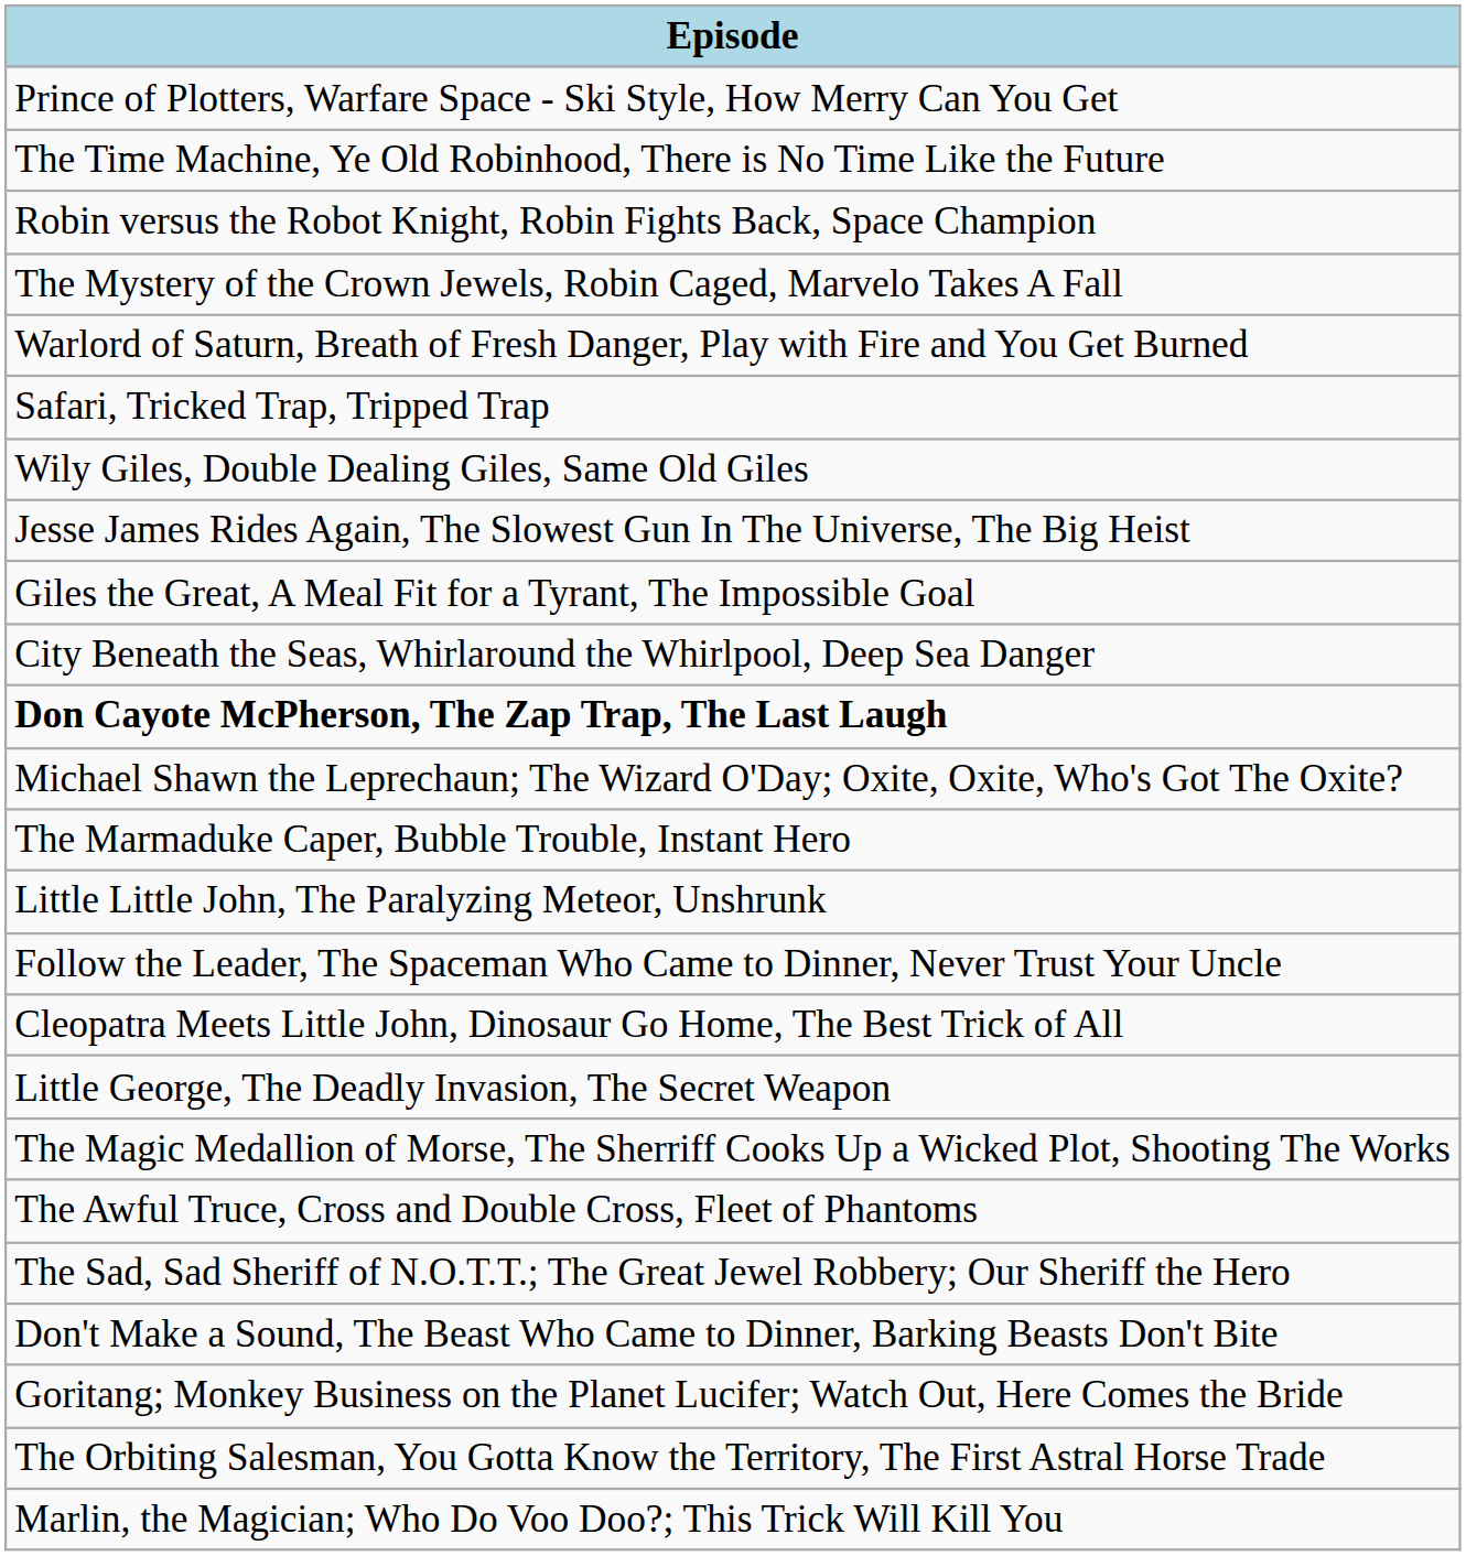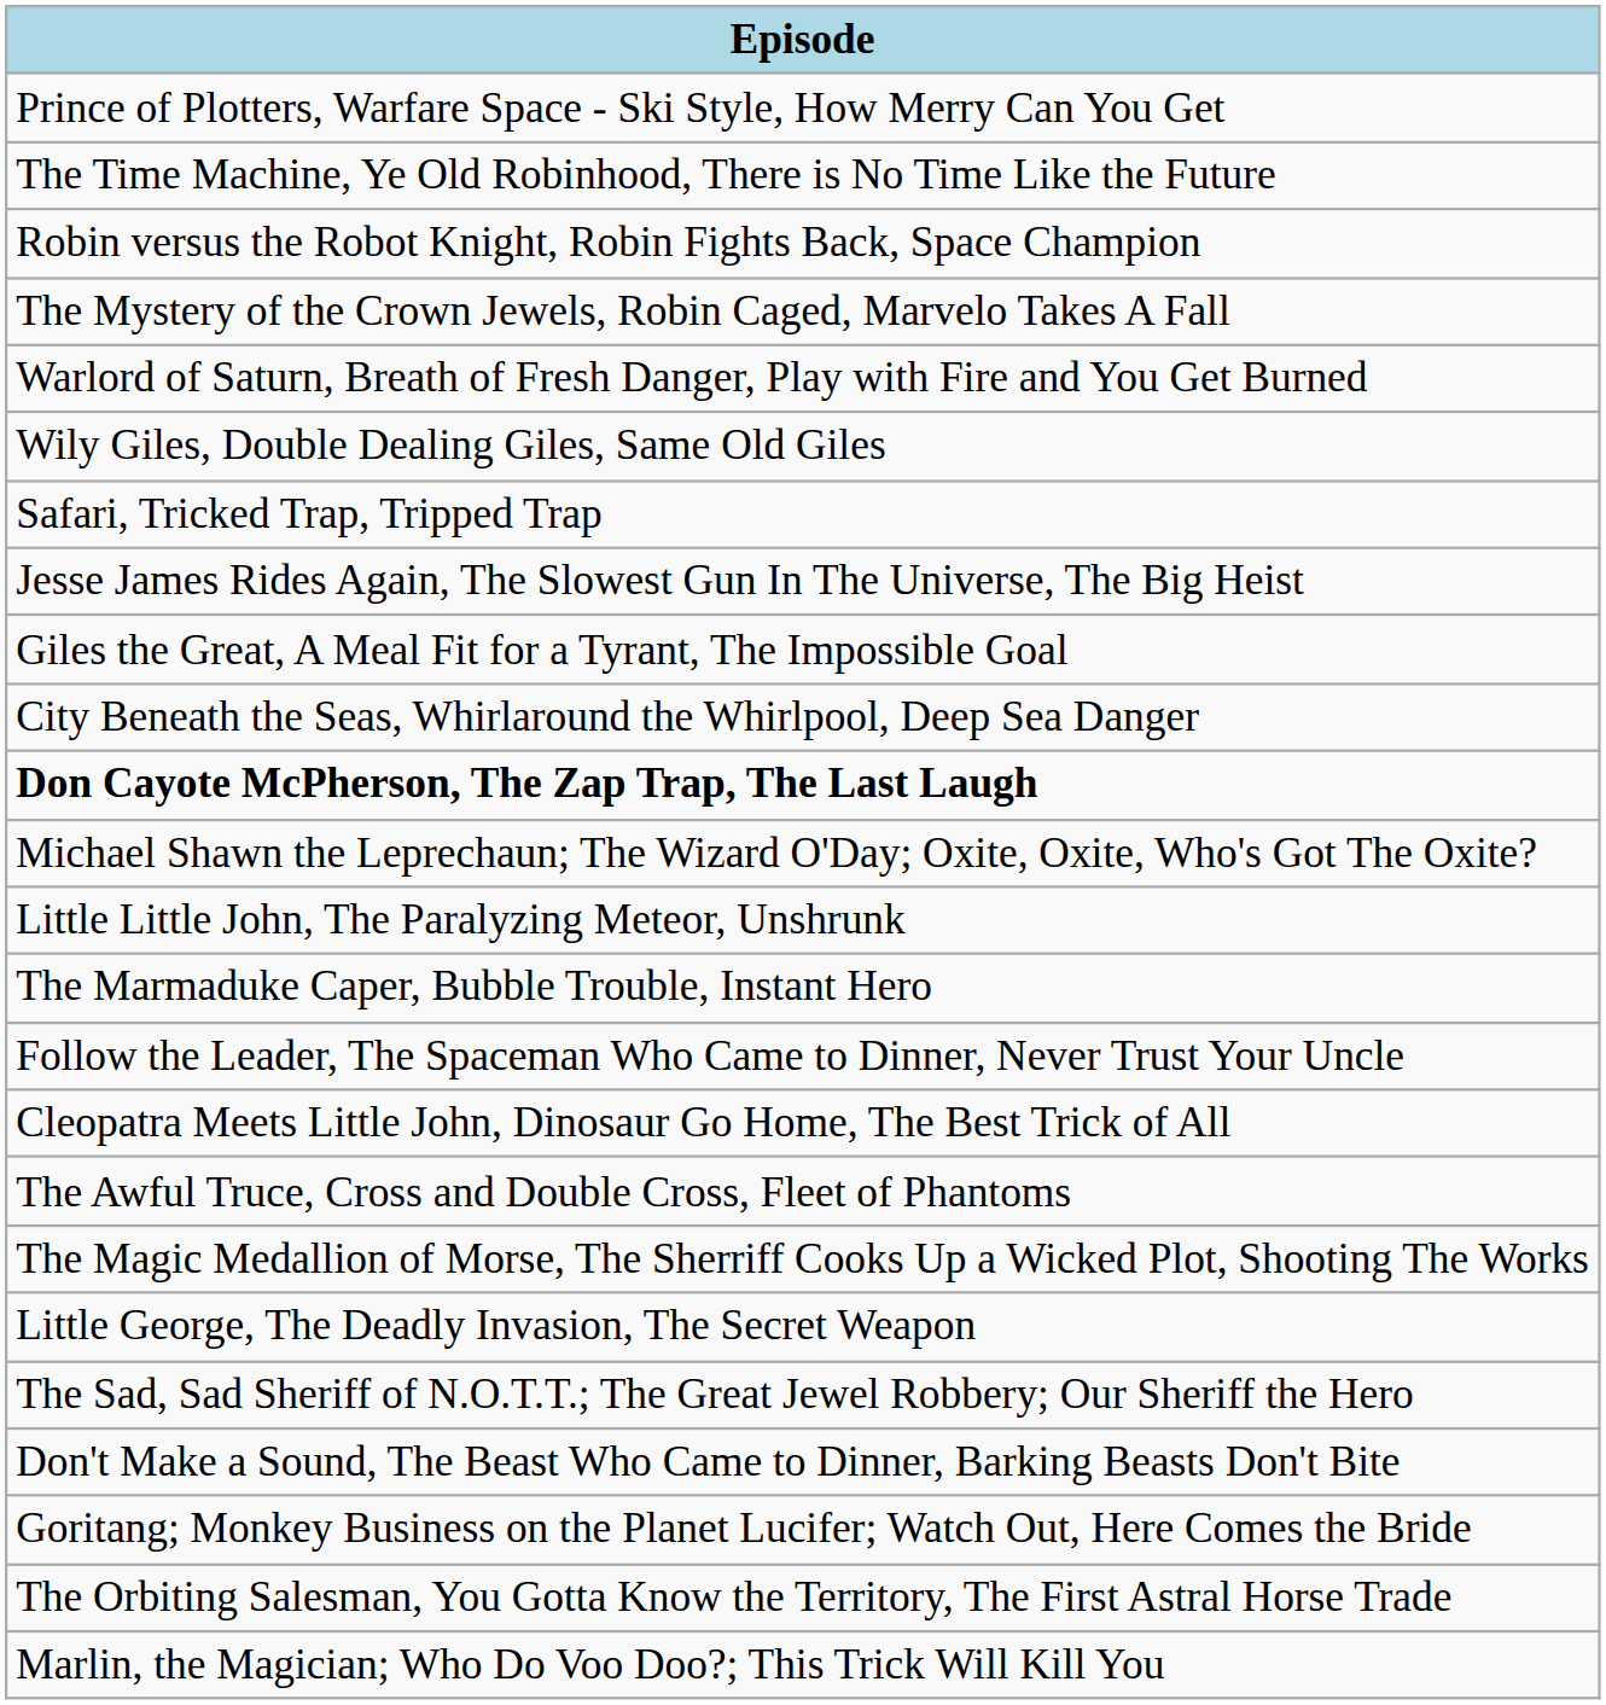 <table class="wikitable collapsible">
 <tr bgcolor="#add8e6">
 <th style="background-color:#ADD8E6;">Episode</th>
 </tr>
 <tr>
 <td>Prince of Plotters, Warfare Space - Ski Style, How Merry Can You Get</td>
 </tr>
 <tr>
 <td>The Time Machine, Ye Old Robinhood, There is No Time Like the Future</td>
 </tr>
 <tr>
 <td>Robin versus the Robot Knight, Robin Fights Back, Space Champion</td>
 </tr>
 <tr>
 <td>The Mystery of the Crown Jewels, Robin Caged, Marvelo Takes A Fall</td>
 </tr>
 <tr>
 <td>Warlord of Saturn, Breath of Fresh Danger, Play with Fire and You Get Burned</td>
 </tr>
 <tr>
-<td>Safari, Tricked Trap, Tripped Trap</td>
+<td>Wily Giles, Double Dealing Giles, Same Old Giles</td>
 </tr>
 <tr>
-<td>Wily Giles, Double Dealing Giles, Same Old Giles</td>
+<td>Safari, Tricked Trap, Tripped Trap</td>
 </tr>
 <tr>
 <td>Jesse James Rides Again, The Slowest Gun In The Universe, The Big Heist</td>
 </tr>
 <tr>
 <td>Giles the Great, A Meal Fit for a Tyrant, The Impossible Goal</td>
 </tr>
 <tr>
 <td>City Beneath the Seas, Whirlaround the Whirlpool, Deep Sea Danger</td>
 </tr>
 <tr>
 <td><strong>Don Cayote McPherson, The Zap Trap, The Last Laugh</strong></td>
 </tr>
 <tr>
 <td>Michael Shawn the Leprechaun; The Wizard O'Day; Oxite, Oxite, Who's Got The Oxite?</td>
 </tr>
 <tr>
-<td>The Marmaduke Caper, Bubble Trouble, Instant Hero</td>
+<td>Little Little John, The Paralyzing Meteor, Unshrunk</td>
 </tr>
 <tr>
-<td>Little Little John, The Paralyzing Meteor, Unshrunk</td>
+<td>The Marmaduke Caper, Bubble Trouble, Instant Hero</td>
 </tr>
 <tr>
 <td>Follow the Leader, The Spaceman Who Came to Dinner, Never Trust Your Uncle</td>
 </tr>
 <tr>
 <td>Cleopatra Meets Little John, Dinosaur Go Home, The Best Trick of All</td>
 </tr>
 <tr>
-<td>Little George, The Deadly Invasion, The Secret Weapon</td>
+<td>The Awful Truce, Cross and Double Cross, Fleet of Phantoms</td>
 </tr>
 <tr>
 <td>The Magic Medallion of Morse, The Sherriff Cooks Up a Wicked Plot, Shooting The Works</td>
 </tr>
 <tr>
-<td>The Awful Truce, Cross and Double Cross, Fleet of Phantoms</td>
+<td>Little George, The Deadly Invasion, The Secret Weapon</td>
 </tr>
 <tr>
 <td>The Sad, Sad Sheriff of N.O.T.T.; The Great Jewel Robbery; Our Sheriff the Hero</td>
 </tr>
 <tr>
 <td>Don't Make a Sound, The Beast Who Came to Dinner, Barking Beasts Don't Bite</td>
 </tr>
 <tr>
 <td>Goritang; Monkey Business on the Planet Lucifer; Watch Out, Here Comes the Bride</td>
 </tr>
 <tr>
 <td>The Orbiting Salesman, You Gotta Know the Territory, The First Astral Horse Trade</td>
 </tr>
 <tr>
 <td>Marlin, the Magician; Who Do Voo Doo?; This Trick Will Kill You</td>
 </tr>
 </table>
